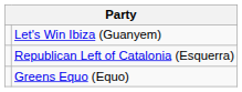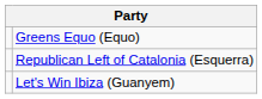 <table class="wikitable" style="text-align:left; font-size:97%;">
 <tr>
 <th colspan="2">Party</th>
 </tr>
 <tr>
-<td width="1"></td>
-<td><a href='#'>Let's Win Ibiza</a> (Guanyem)</td>
+<td></td>
+<td><a href='#'>Greens Equo</a> (Equo)</td>
 </tr>
 <tr>
 <td></td>
 <td><a href='#'>Republican Left of Catalonia</a> (Esquerra)</td>
 </tr>
 <tr>
-<td></td>
-<td><a href='#'>Greens Equo</a> (Equo)</td>
+<td width="1"></td>
+<td><a href='#'>Let's Win Ibiza</a> (Guanyem)</td>
 </tr>
 </table>
